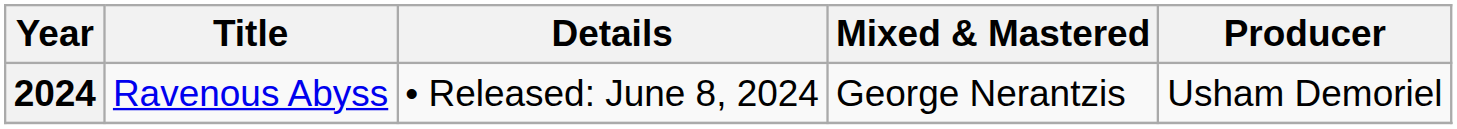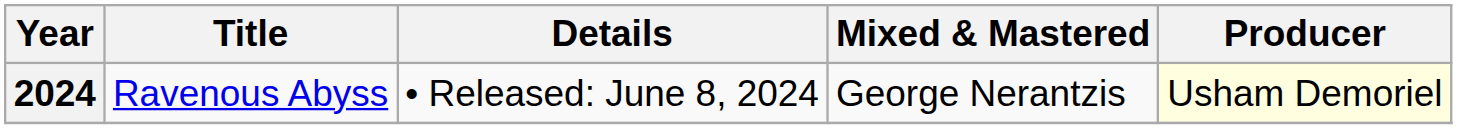 <table class="wikitable">
 <tr>
 <th>Year</th>
 <th>Title</th>
 <th>Details</th>
 <th>Mixed & Mastered</th>
 <th>Producer</th>
 </tr>
 <tr>
 <th>2024</th>
 <td><a href='#'>Ravenous Abyss</a></td>
 <td>•	Released: June 8, 2024</td>
 <td>George Nerantzis</td>
-<td>Usham Demoriel</td>
+<td style="background: lightyellow;">Usham Demoriel</td>
 </tr>
 <tr>
 </tr>
 </table>
